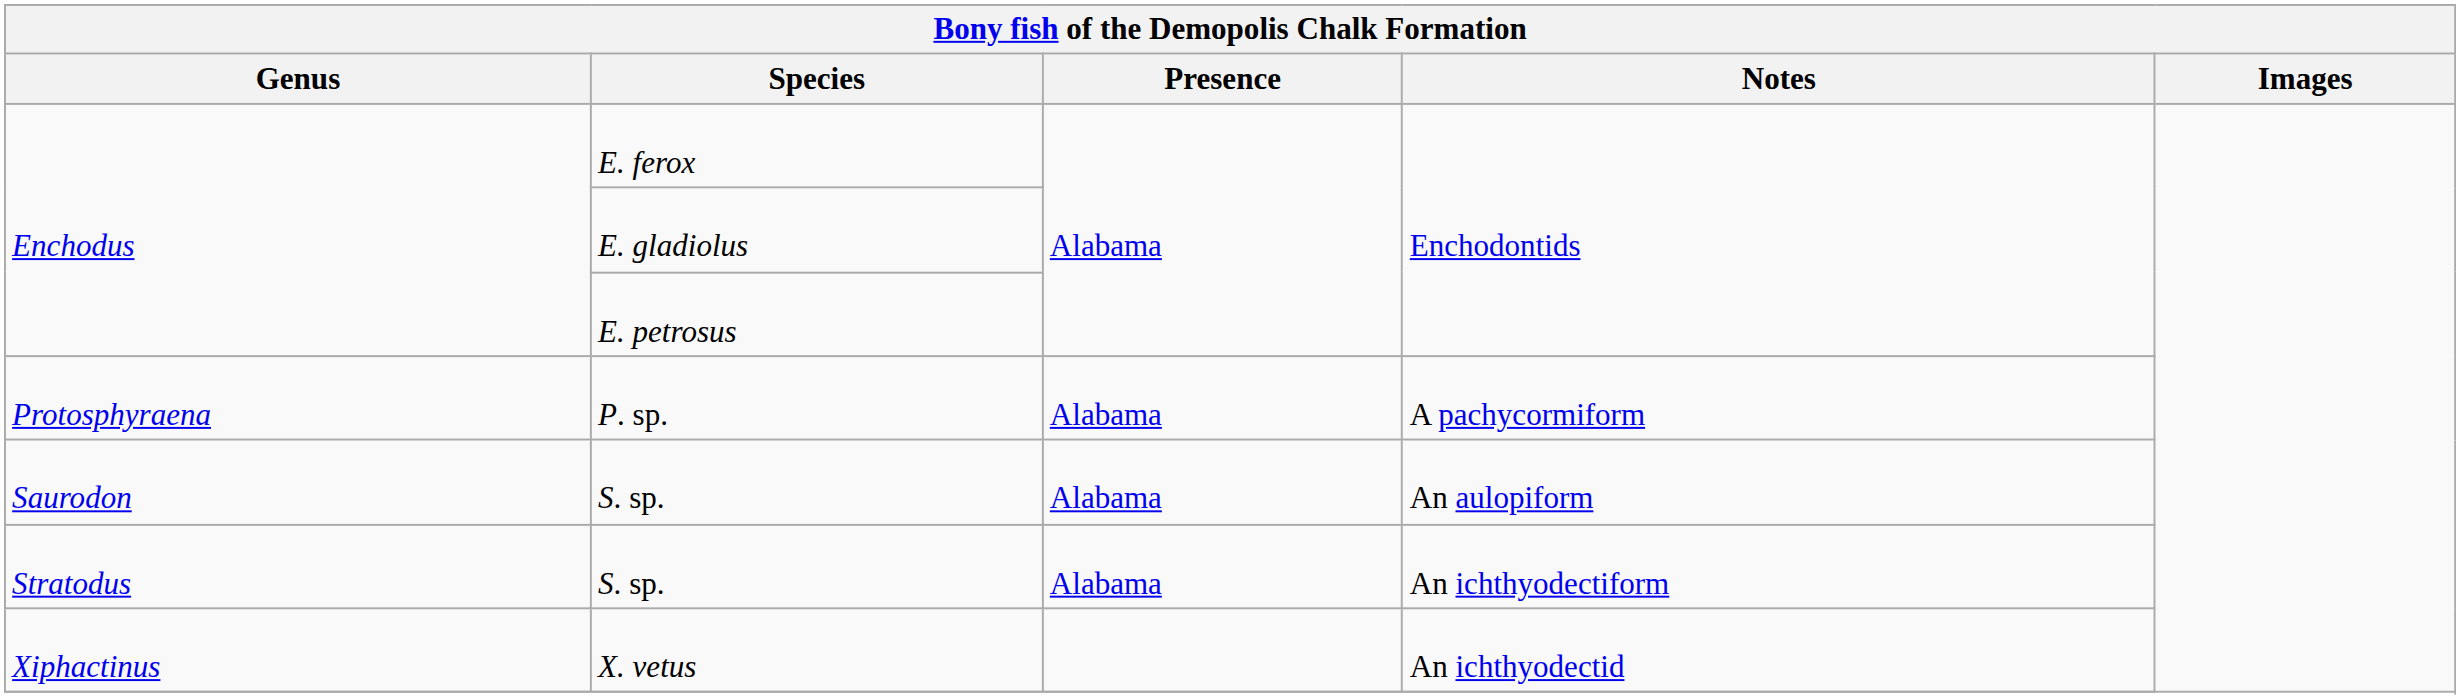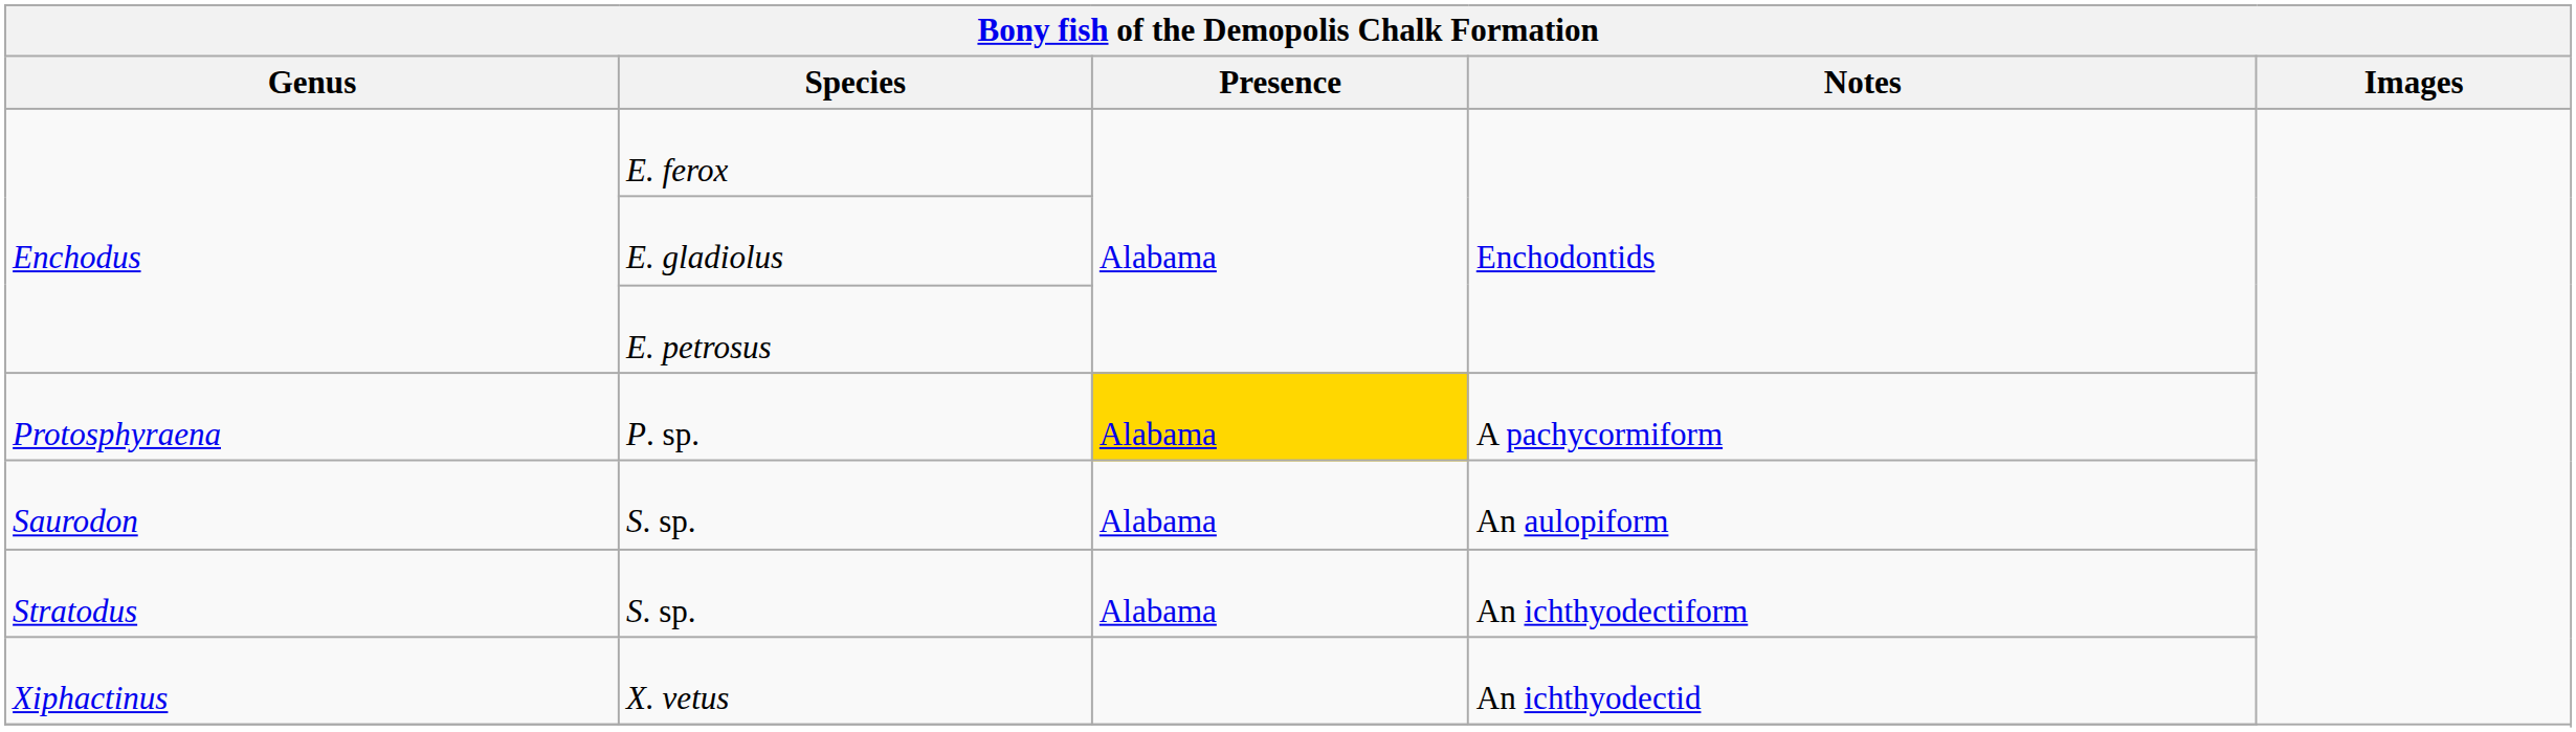 <table class="wikitable" align="center" width="100%">
 <tr>
 <th colspan="5" align="center"><strong><a href='#'>Bony fish</a> of the Demopolis Chalk Formation</strong></th>
 </tr>
 <tr>
 <th>Genus</th>
 <th>Species</th>
 <th>Presence</th>
 <th>Notes</th>
 <th>Images</th>
 </tr>
 <tr>
 <td rowspan="3"><br><em><a href='#'>Enchodus</a></em></td>
 <td><br><em>E. ferox</em></td>
 <td rowspan="3"><br><a href='#'>Alabama</a></td>
 <td rowspan="3"><br><a href='#'>Enchodontids</a></td>
 <td rowspan="99"><br>  </td>
 </tr>
 <tr>
 <td><br><em>E. gladiolus</em></td>
 </tr>
 <tr>
 <td><br><em>E. petrosus</em></td>
 </tr>
 <tr>
 <td><br><em><a href='#'>Protosphyraena</a></em></td>
 <td><br><em>P</em>. sp.</td>
-<td><br><a href='#'>Alabama</a></td>
+<td style="background: gold;"><br><a href='#'>Alabama</a></td>
 <td><br>A <a href='#'>pachycormiform</a></td>
 </tr>
 <tr>
 <td><br><em><a href='#'>Saurodon</a></em></td>
 <td><br><em>S</em>. sp.</td>
 <td><br><a href='#'>Alabama</a></td>
 <td><br>An <a href='#'>aulopiform</a></td>
 </tr>
 <tr>
 <td><br><em><a href='#'>Stratodus</a></em></td>
 <td><br><em>S</em>. sp.</td>
 <td><br><a href='#'>Alabama</a></td>
 <td><br>An <a href='#'>ichthyodectiform</a></td>
 </tr>
 <tr>
 <td><br><em><a href='#'>Xiphactinus</a></em></td>
 <td><br><em>X. vetus</em></td>
 <td></td>
 <td><br>An <a href='#'>ichthyodectid</a></td>
 </tr>
 <tr>
 </tr>
 </table>
